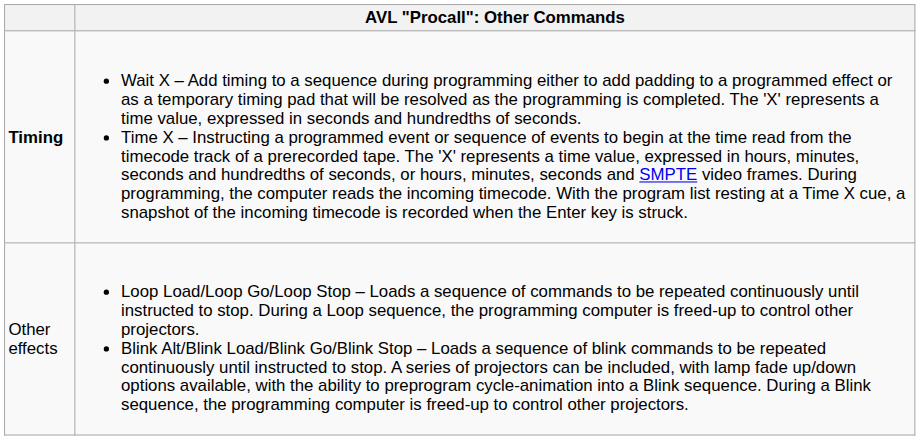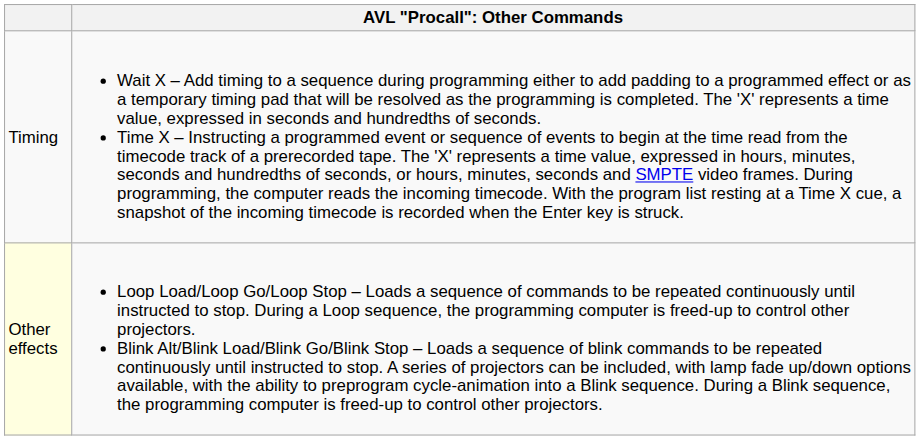 <table class="wikitable">
 <tr>
 <th></th>
 <th colspan="2">AVL "Procall": Other Commands</th>
 </tr>
 <tr>
-<td><strong>Timing</strong></td>
+<td>Timing</td>
 <td><br><ul><li>Wait X – Add timing to a sequence during programming either to add padding to a programmed effect or as a temporary timing pad that will be resolved as the programming is completed. The 'X' represents a time value, expressed in seconds and hundredths of seconds.</li><li>Time X – Instructing a programmed event or sequence of events to begin at the time read from the timecode track of a prerecorded tape. The 'X' represents a time value, expressed in hours, minutes, seconds and hundredths of seconds, or hours, minutes, seconds and <a href='#'>SMPTE</a> video frames. During programming, the computer reads the incoming timecode. With the program list resting at a Time X cue, a snapshot of the incoming timecode is recorded when the Enter key is struck.</li></ul></td>
 </tr>
 <tr>
-<td>Other effects</td>
+<td style="background: lightyellow;">Other effects</td>
 <td><br><ul><li>Loop Load/Loop Go/Loop Stop – Loads a sequence of commands to be repeated continuously until instructed to stop. During a Loop sequence, the programming computer is freed-up to control other projectors.</li><li>Blink Alt/Blink Load/Blink Go/Blink Stop – Loads a sequence of blink commands to be repeated continuously until instructed to stop. A series of projectors can be included, with lamp fade up/down options available, with the ability to preprogram cycle-animation into a Blink sequence. During a Blink sequence, the programming computer is freed-up to control other projectors.</li></ul></td>
 </tr>
 </table>
